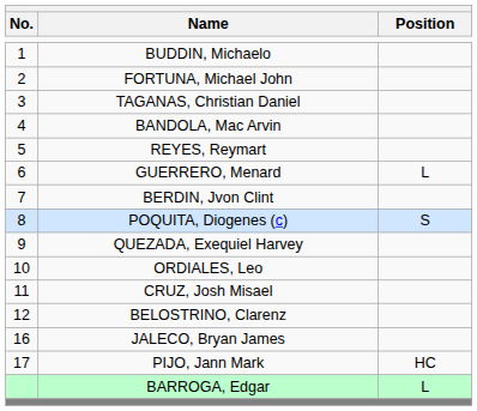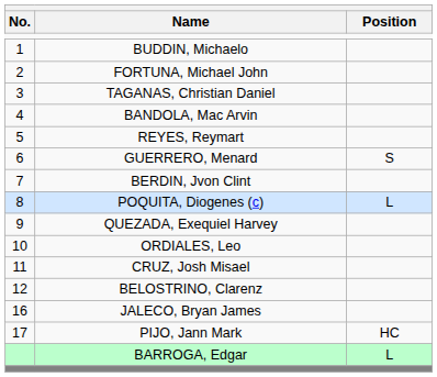 <table class='wikitable mw-collapsible mw-collapsed' style="text-align: center; width:500px; border: none">
 <tr>
 <th style='text-align: left;' colspan=3></th>
 </tr>
 <tr>
 <th style='width: 7%;'>No.</th>
 <th>Name</th>
 <th style='width: 20%;'>Position</th>
 </tr>
 <tr>
 <td style='border: none;'></td>
 </tr>
 <tr>
 <td>1</td>
 <td>BUDDIN, Michaelo</td>
 <td></td>
 </tr>
 <tr>
 <td>2</td>
 <td>FORTUNA, Michael John</td>
 <td></td>
 </tr>
 <tr>
 <td>3</td>
 <td>TAGANAS, Christian Daniel</td>
 <td></td>
 </tr>
 <tr>
 <td>4</td>
 <td>BANDOLA, Mac Arvin</td>
 <td></td>
 </tr>
 <tr>
 <td>5</td>
 <td>REYES, Reymart</td>
 <td></td>
 </tr>
 <tr>
 <td>6</td>
 <td>GUERRERO, Menard</td>
-<td>L</td>
+<td>S</td>
 </tr>
 <tr>
 <td>7</td>
 <td>BERDIN, Jvon Clint</td>
 <td></td>
 </tr>
 <tr bgcolor=#D0E6FF>
 <td>8</td>
 <td>POQUITA, Diogenes (<a href='#'>c</a>)</td>
-<td>S</td>
+<td>L</td>
 </tr>
 <tr>
 <td>9</td>
 <td>QUEZADA, Exequiel Harvey</td>
 <td></td>
 </tr>
 <tr>
 <td>10</td>
 <td>ORDIALES, Leo</td>
 <td></td>
 </tr>
 <tr>
 <td>11</td>
 <td>CRUZ, Josh Misael</td>
 <td></td>
 </tr>
 <tr>
 <td>12</td>
 <td>BELOSTRINO, Clarenz</td>
 <td></td>
 </tr>
 <tr>
 <td>16</td>
 <td>JALECO, Bryan James</td>
 <td></td>
 </tr>
 <tr>
 <td>17</td>
 <td>PIJO, Jann Mark</td>
 <td>HC</td>
 </tr>
 <tr bgcolor=#BBFFCC>
 <td></td>
 <td>BARROGA, Edgar</td>
 <td>L</td>
 </tr>
 <tr>
 <th style='background: grey;' colspan=3></th>
 </tr>
 </table>
